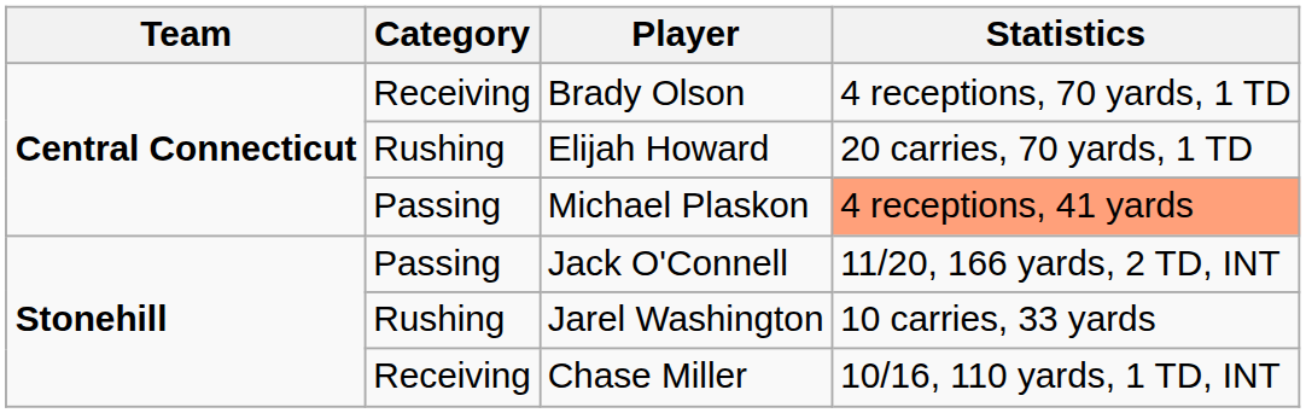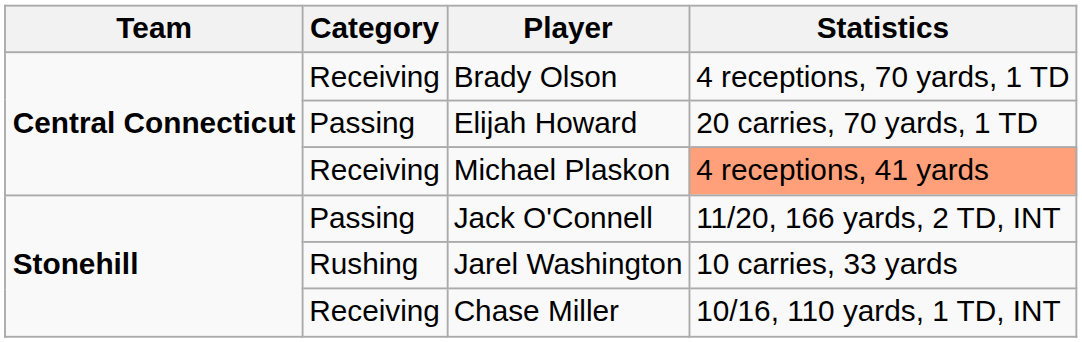 <table class="wikitable" style="float: right;">
 <tr>
 <th>Team</th>
 <th>Category</th>
 <th>Player</th>
 <th>Statistics</th>
 </tr>
 <tr>
 <td rowspan=3><strong>Central Connecticut</strong></td>
 <td>Receiving</td>
 <td>Brady Olson</td>
 <td>4 receptions, 70 yards, 1 TD</td>
 </tr>
 <tr>
-<td>Rushing</td>
+<td>Passing</td>
 <td>Elijah Howard</td>
 <td>20 carries, 70 yards, 1 TD</td>
 </tr>
 <tr>
-<td>Passing</td>
+<td>Receiving</td>
 <td>Michael Plaskon</td>
 <td style="background: lightsalmon;">4 receptions, 41 yards</td>
 </tr>
 <tr>
 <td rowspan=3><strong>Stonehill</strong></td>
 <td>Passing</td>
 <td>Jack O'Connell</td>
 <td>11/20, 166 yards, 2 TD, INT</td>
 </tr>
 <tr>
 <td>Rushing</td>
 <td>Jarel Washington</td>
 <td>10 carries, 33 yards</td>
 </tr>
 <tr>
 <td>Receiving</td>
 <td>Chase Miller</td>
 <td>10/16, 110 yards, 1 TD, INT</td>
 </tr>
 </table>
